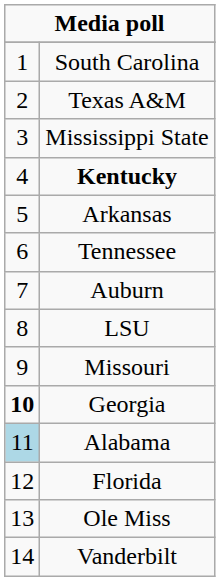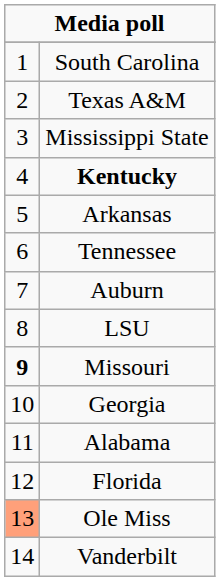 <table class="wikitable">
 <tr align="center">
 <td align="center" Colspan="3"><strong>Media poll</strong></td>
 </tr>
 <tr align="center">
 </tr>
 <tr align="center">
 <td>1</td>
 <td>South Carolina</td>
 </tr>
 <tr align="center">
 <td>2</td>
 <td>Texas A&M</td>
 </tr>
 <tr align="center">
 <td>3</td>
 <td>Mississippi State</td>
 </tr>
 <tr align="center">
 <td>4</td>
 <td><strong>Kentucky</strong></td>
 </tr>
 <tr align="center">
 <td>5</td>
 <td>Arkansas</td>
 </tr>
 <tr align="center">
 <td>6</td>
 <td>Tennessee</td>
 </tr>
 <tr align="center">
 <td>7</td>
 <td>Auburn</td>
 </tr>
 <tr align="center">
 <td>8</td>
 <td>LSU</td>
 </tr>
 <tr align="center">
-<td>9</td>
+<td><strong>9</strong></td>
 <td>Missouri</td>
 </tr>
 <tr align="center">
-<td><strong>10</strong></td>
+<td>10</td>
 <td>Georgia</td>
 </tr>
 <tr align="center">
-<td style="background: lightblue;">11</td>
+<td>11</td>
 <td>Alabama</td>
 </tr>
 <tr align="center">
 <td>12</td>
 <td>Florida</td>
 </tr>
 <tr align="center">
-<td>13</td>
+<td style="background: lightsalmon;">13</td>
 <td>Ole Miss</td>
 </tr>
 <tr align="center">
 <td>14</td>
 <td>Vanderbilt</td>
 </tr>
 </table>
